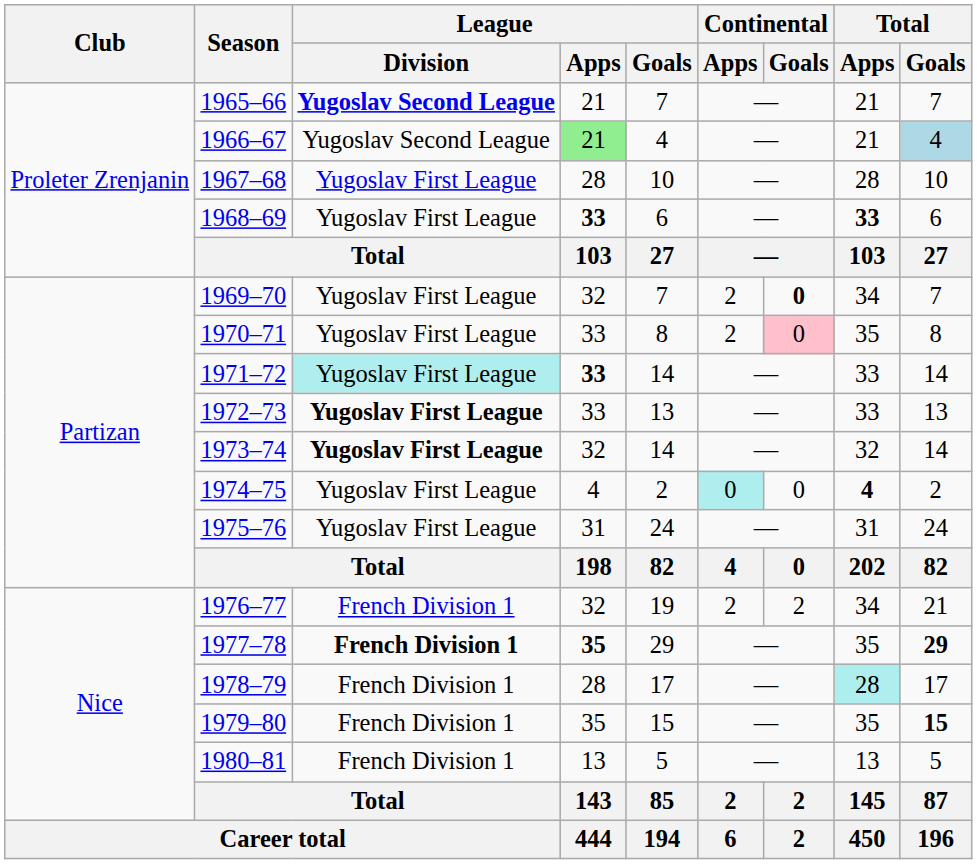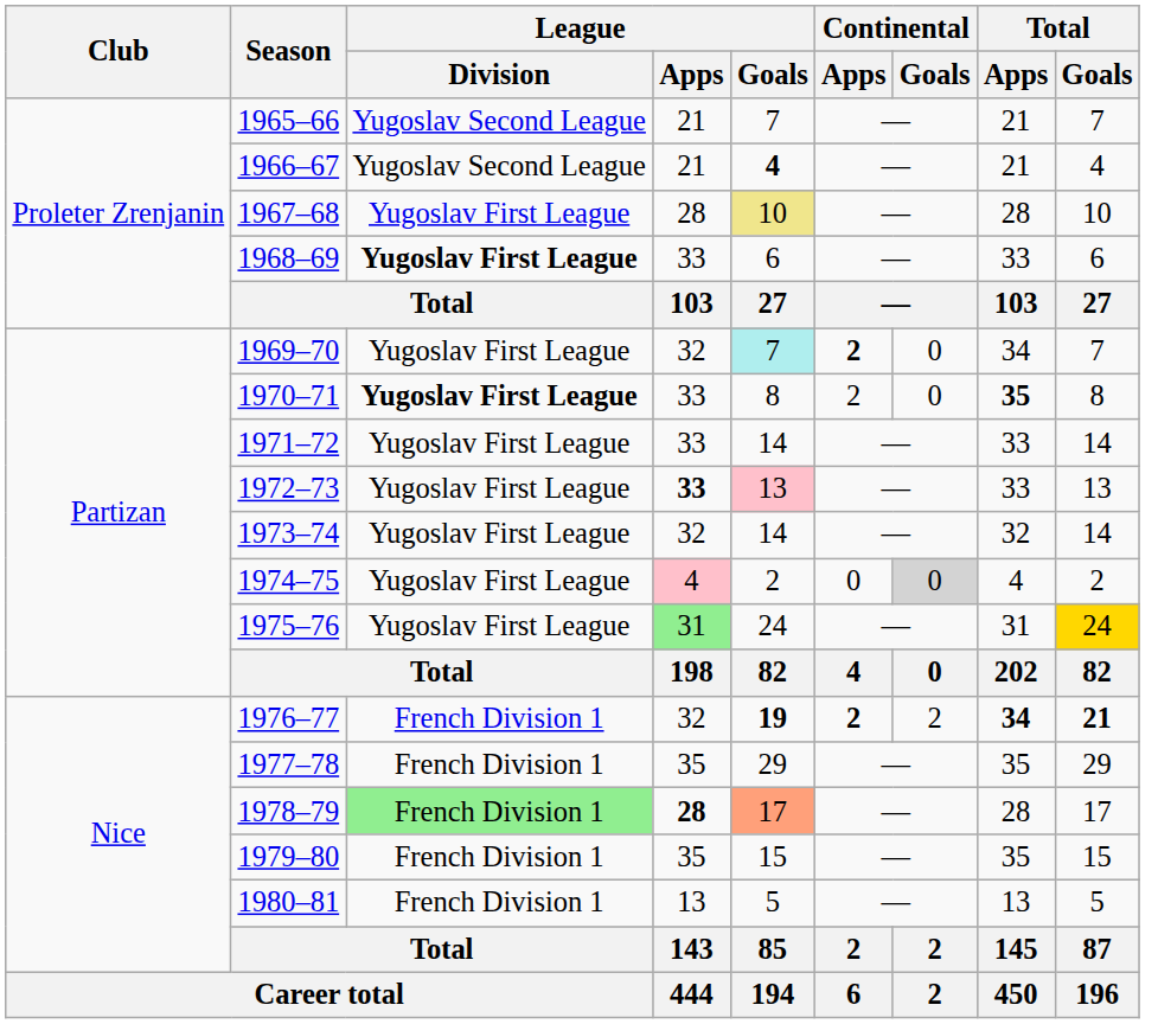 <table class="wikitable" style="text-align:center">
 <tr>
 <th rowspan="2">Club</th>
 <th rowspan="2">Season</th>
 <th colspan="3">League</th>
 <th colspan="2">Continental</th>
 <th colspan="2">Total</th>
 </tr>
 <tr>
 <th>Division</th>
 <th>Apps</th>
 <th>Goals</th>
 <th>Apps</th>
 <th>Goals</th>
 <th>Apps</th>
 <th>Goals</th>
 </tr>
 <tr>
 <td rowspan="5"><a href='#'>Proleter Zrenjanin</a></td>
 <td><a href='#'>1965–66</a></td>
-<td><strong><a href='#'>Yugoslav Second League</a></strong></td>
+<td><a href='#'>Yugoslav Second League</a></td>
 <td>21</td>
 <td>7</td>
 <td colspan="2">—</td>
 <td>21</td>
 <td>7</td>
 </tr>
 <tr>
 <td><a href='#'>1966–67</a></td>
 <td>Yugoslav Second League</td>
-<td style="background: lightgreen;">21</td>
-<td>4</td>
+<td>21</td>
+<td><strong>4</strong></td>
 <td colspan="2">—</td>
 <td>21</td>
-<td style="background: lightblue;">4</td>
+<td>4</td>
 </tr>
 <tr>
 <td><a href='#'>1967–68</a></td>
 <td><a href='#'>Yugoslav First League</a></td>
 <td>28</td>
-<td>10</td>
+<td style="background: khaki;">10</td>
 <td colspan="2">—</td>
 <td>28</td>
 <td>10</td>
 </tr>
 <tr>
 <td><a href='#'>1968–69</a></td>
-<td>Yugoslav First League</td>
-<td><strong>33</strong></td>
+<td><strong>Yugoslav First League</strong></td>
+<td>33</td>
 <td>6</td>
 <td colspan="2">—</td>
-<td><strong>33</strong></td>
+<td>33</td>
 <td>6</td>
 </tr>
 <tr>
 <th colspan="2">Total</th>
 <th>103</th>
 <th>27</th>
 <th colspan="2">—</th>
 <th>103</th>
 <th>27</th>
 </tr>
 <tr>
 <td rowspan="8"><a href='#'>Partizan</a></td>
 <td><a href='#'>1969–70</a></td>
 <td>Yugoslav First League</td>
 <td>32</td>
-<td>7</td>
-<td>2</td>
-<td><strong>0</strong></td>
+<td style="background: paleturquoise;">7</td>
+<td><strong>2</strong></td>
+<td>0</td>
 <td>34</td>
 <td>7</td>
 </tr>
 <tr>
 <td><a href='#'>1970–71</a></td>
-<td>Yugoslav First League</td>
+<td><strong>Yugoslav First League</strong></td>
 <td>33</td>
 <td>8</td>
 <td>2</td>
-<td style="background: pink;">0</td>
-<td>35</td>
+<td>0</td>
+<td><strong>35</strong></td>
 <td>8</td>
 </tr>
 <tr>
 <td><a href='#'>1971–72</a></td>
-<td style="background: paleturquoise;">Yugoslav First League</td>
-<td><strong>33</strong></td>
+<td>Yugoslav First League</td>
+<td>33</td>
 <td>14</td>
 <td colspan="2">—</td>
 <td>33</td>
 <td>14</td>
 </tr>
 <tr>
 <td><a href='#'>1972–73</a></td>
-<td><strong>Yugoslav First League</strong></td>
-<td>33</td>
-<td>13</td>
+<td>Yugoslav First League</td>
+<td><strong>33</strong></td>
+<td style="background: pink;">13</td>
 <td colspan="2">—</td>
 <td>33</td>
 <td>13</td>
 </tr>
 <tr>
 <td><a href='#'>1973–74</a></td>
-<td><strong>Yugoslav First League</strong></td>
+<td>Yugoslav First League</td>
 <td>32</td>
 <td>14</td>
 <td colspan="2">—</td>
 <td>32</td>
 <td>14</td>
 </tr>
 <tr>
 <td><a href='#'>1974–75</a></td>
 <td>Yugoslav First League</td>
+<td style="background: pink;">4</td>
+<td>2</td>
+<td>0</td>
+<td style="background: lightgrey;">0</td>
 <td>4</td>
-<td>2</td>
-<td style="background: paleturquoise;">0</td>
-<td>0</td>
-<td><strong>4</strong></td>
 <td>2</td>
 </tr>
 <tr>
 <td><a href='#'>1975–76</a></td>
 <td>Yugoslav First League</td>
-<td>31</td>
+<td style="background: lightgreen;">31</td>
 <td>24</td>
 <td colspan="2">—</td>
 <td>31</td>
-<td>24</td>
+<td style="background: gold;">24</td>
 </tr>
 <tr>
 <th colspan="2">Total</th>
 <th>198</th>
 <th>82</th>
 <th>4</th>
 <th>0</th>
 <th>202</th>
 <th>82</th>
 </tr>
 <tr>
 <td rowspan="6"><a href='#'>Nice</a></td>
 <td><a href='#'>1976–77</a></td>
 <td><a href='#'>French Division 1</a></td>
 <td>32</td>
-<td>19</td>
+<td><strong>19</strong></td>
+<td><strong>2</strong></td>
 <td>2</td>
-<td>2</td>
-<td>34</td>
-<td>21</td>
+<td><strong>34</strong></td>
+<td><strong>21</strong></td>
 </tr>
 <tr>
 <td><a href='#'>1977–78</a></td>
-<td><strong>French Division 1</strong></td>
-<td><strong>35</strong></td>
+<td>French Division 1</td>
+<td>35</td>
 <td>29</td>
 <td colspan="2">—</td>
 <td>35</td>
-<td><strong>29</strong></td>
+<td>29</td>
 </tr>
 <tr>
 <td><a href='#'>1978–79</a></td>
-<td>French Division 1</td>
+<td style="background: lightgreen;">French Division 1</td>
+<td><strong>28</strong></td>
+<td style="background: lightsalmon;">17</td>
+<td colspan="2">—</td>
 <td>28</td>
-<td>17</td>
-<td colspan="2">—</td>
-<td style="background: paleturquoise;">28</td>
 <td>17</td>
 </tr>
 <tr>
 <td><a href='#'>1979–80</a></td>
 <td>French Division 1</td>
 <td>35</td>
 <td>15</td>
 <td colspan="2">—</td>
 <td>35</td>
-<td><strong>15</strong></td>
+<td>15</td>
 </tr>
 <tr>
 <td><a href='#'>1980–81</a></td>
 <td>French Division 1</td>
 <td>13</td>
 <td>5</td>
 <td colspan="2">—</td>
 <td>13</td>
 <td>5</td>
 </tr>
 <tr>
 <th colspan="2">Total</th>
 <th>143</th>
 <th>85</th>
 <th>2</th>
 <th>2</th>
 <th>145</th>
 <th>87</th>
 </tr>
 <tr>
 <th colspan="3">Career total</th>
 <th>444</th>
 <th>194</th>
 <th>6</th>
 <th>2</th>
 <th>450</th>
 <th>196</th>
 </tr>
 </table>
